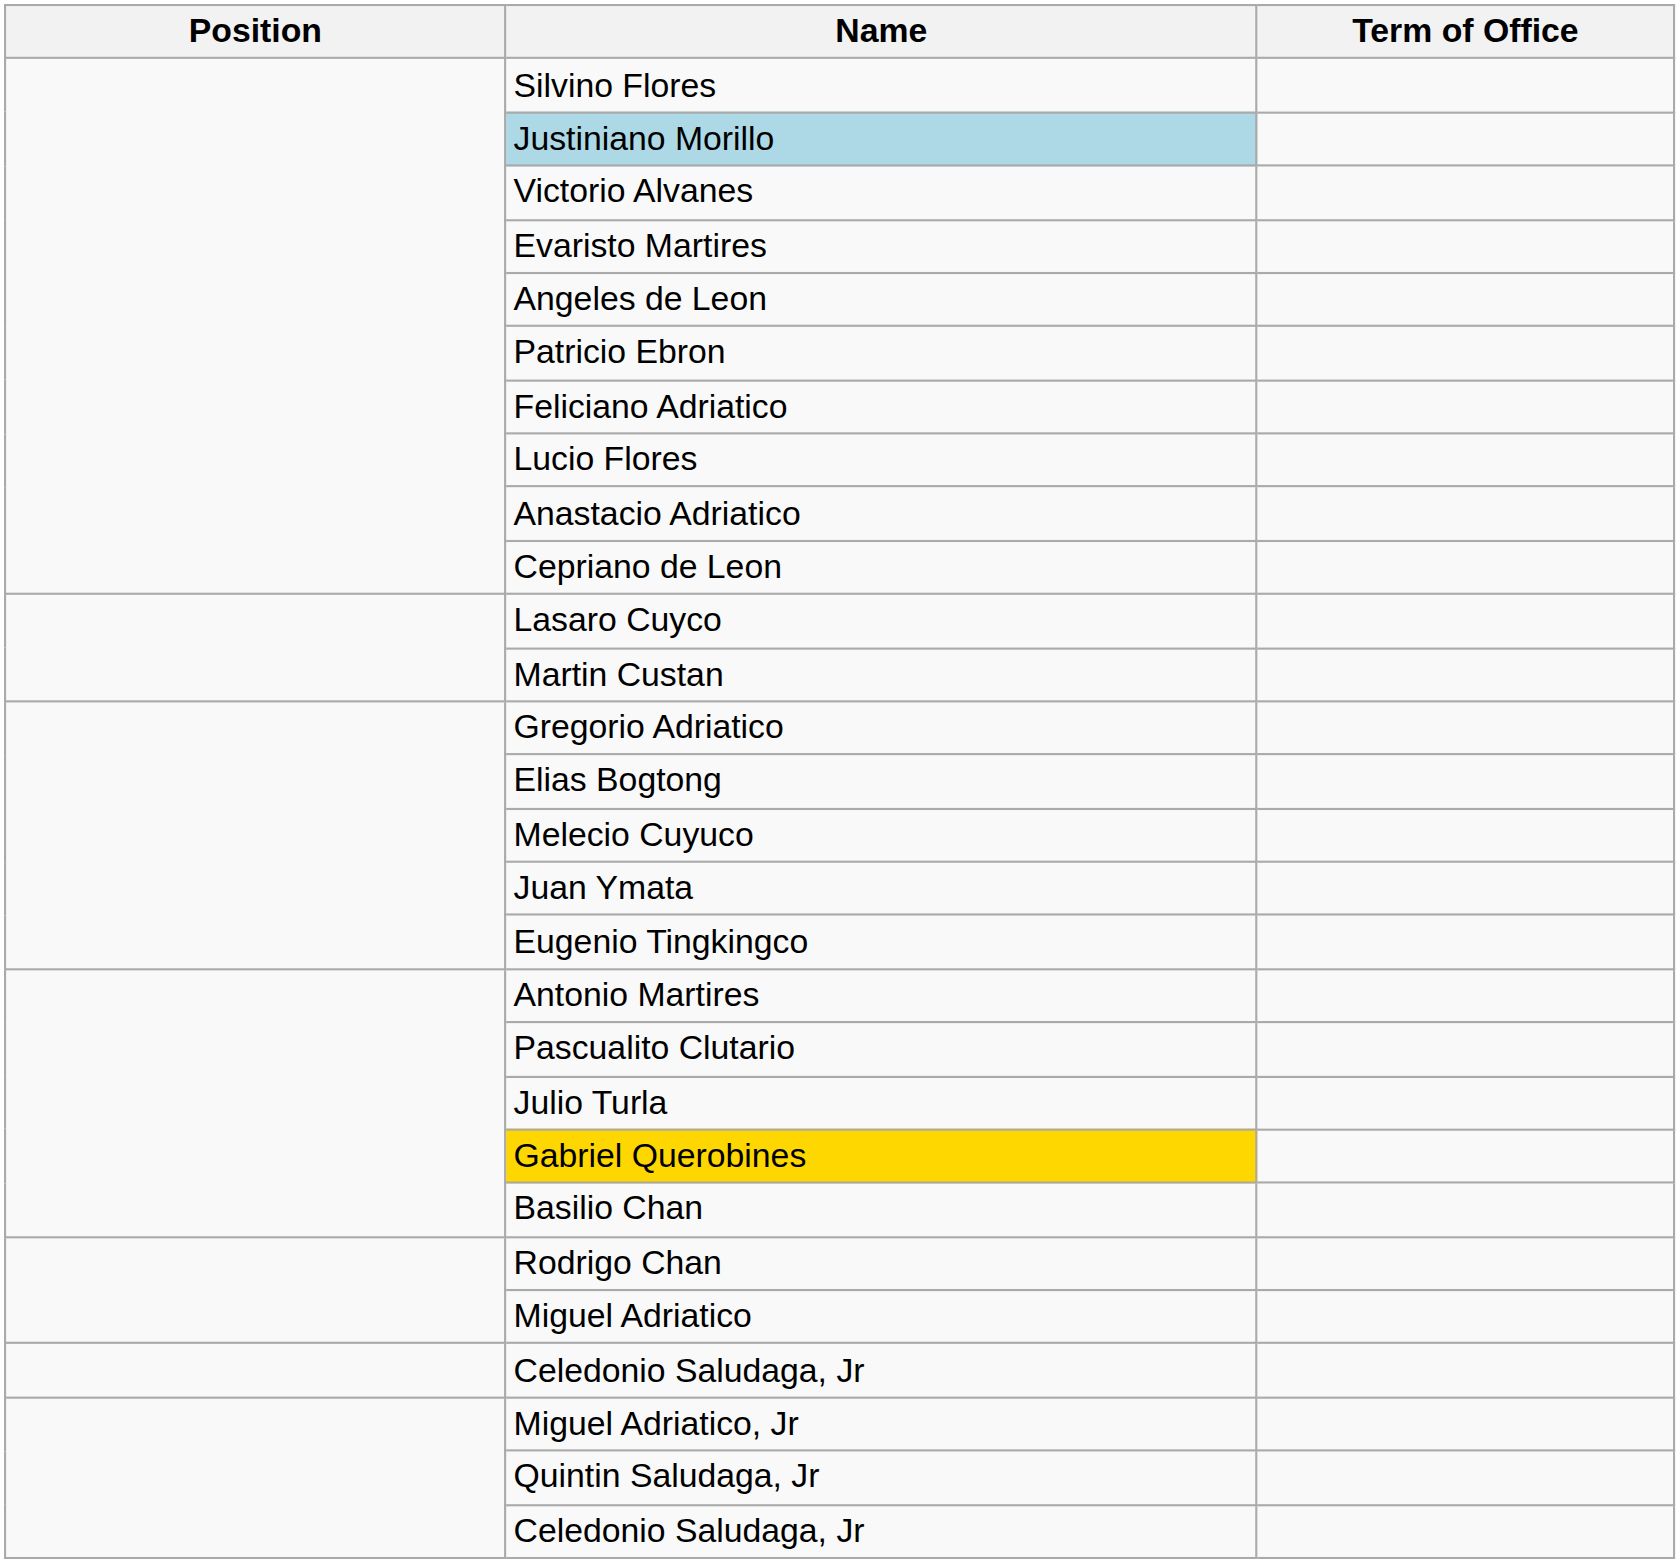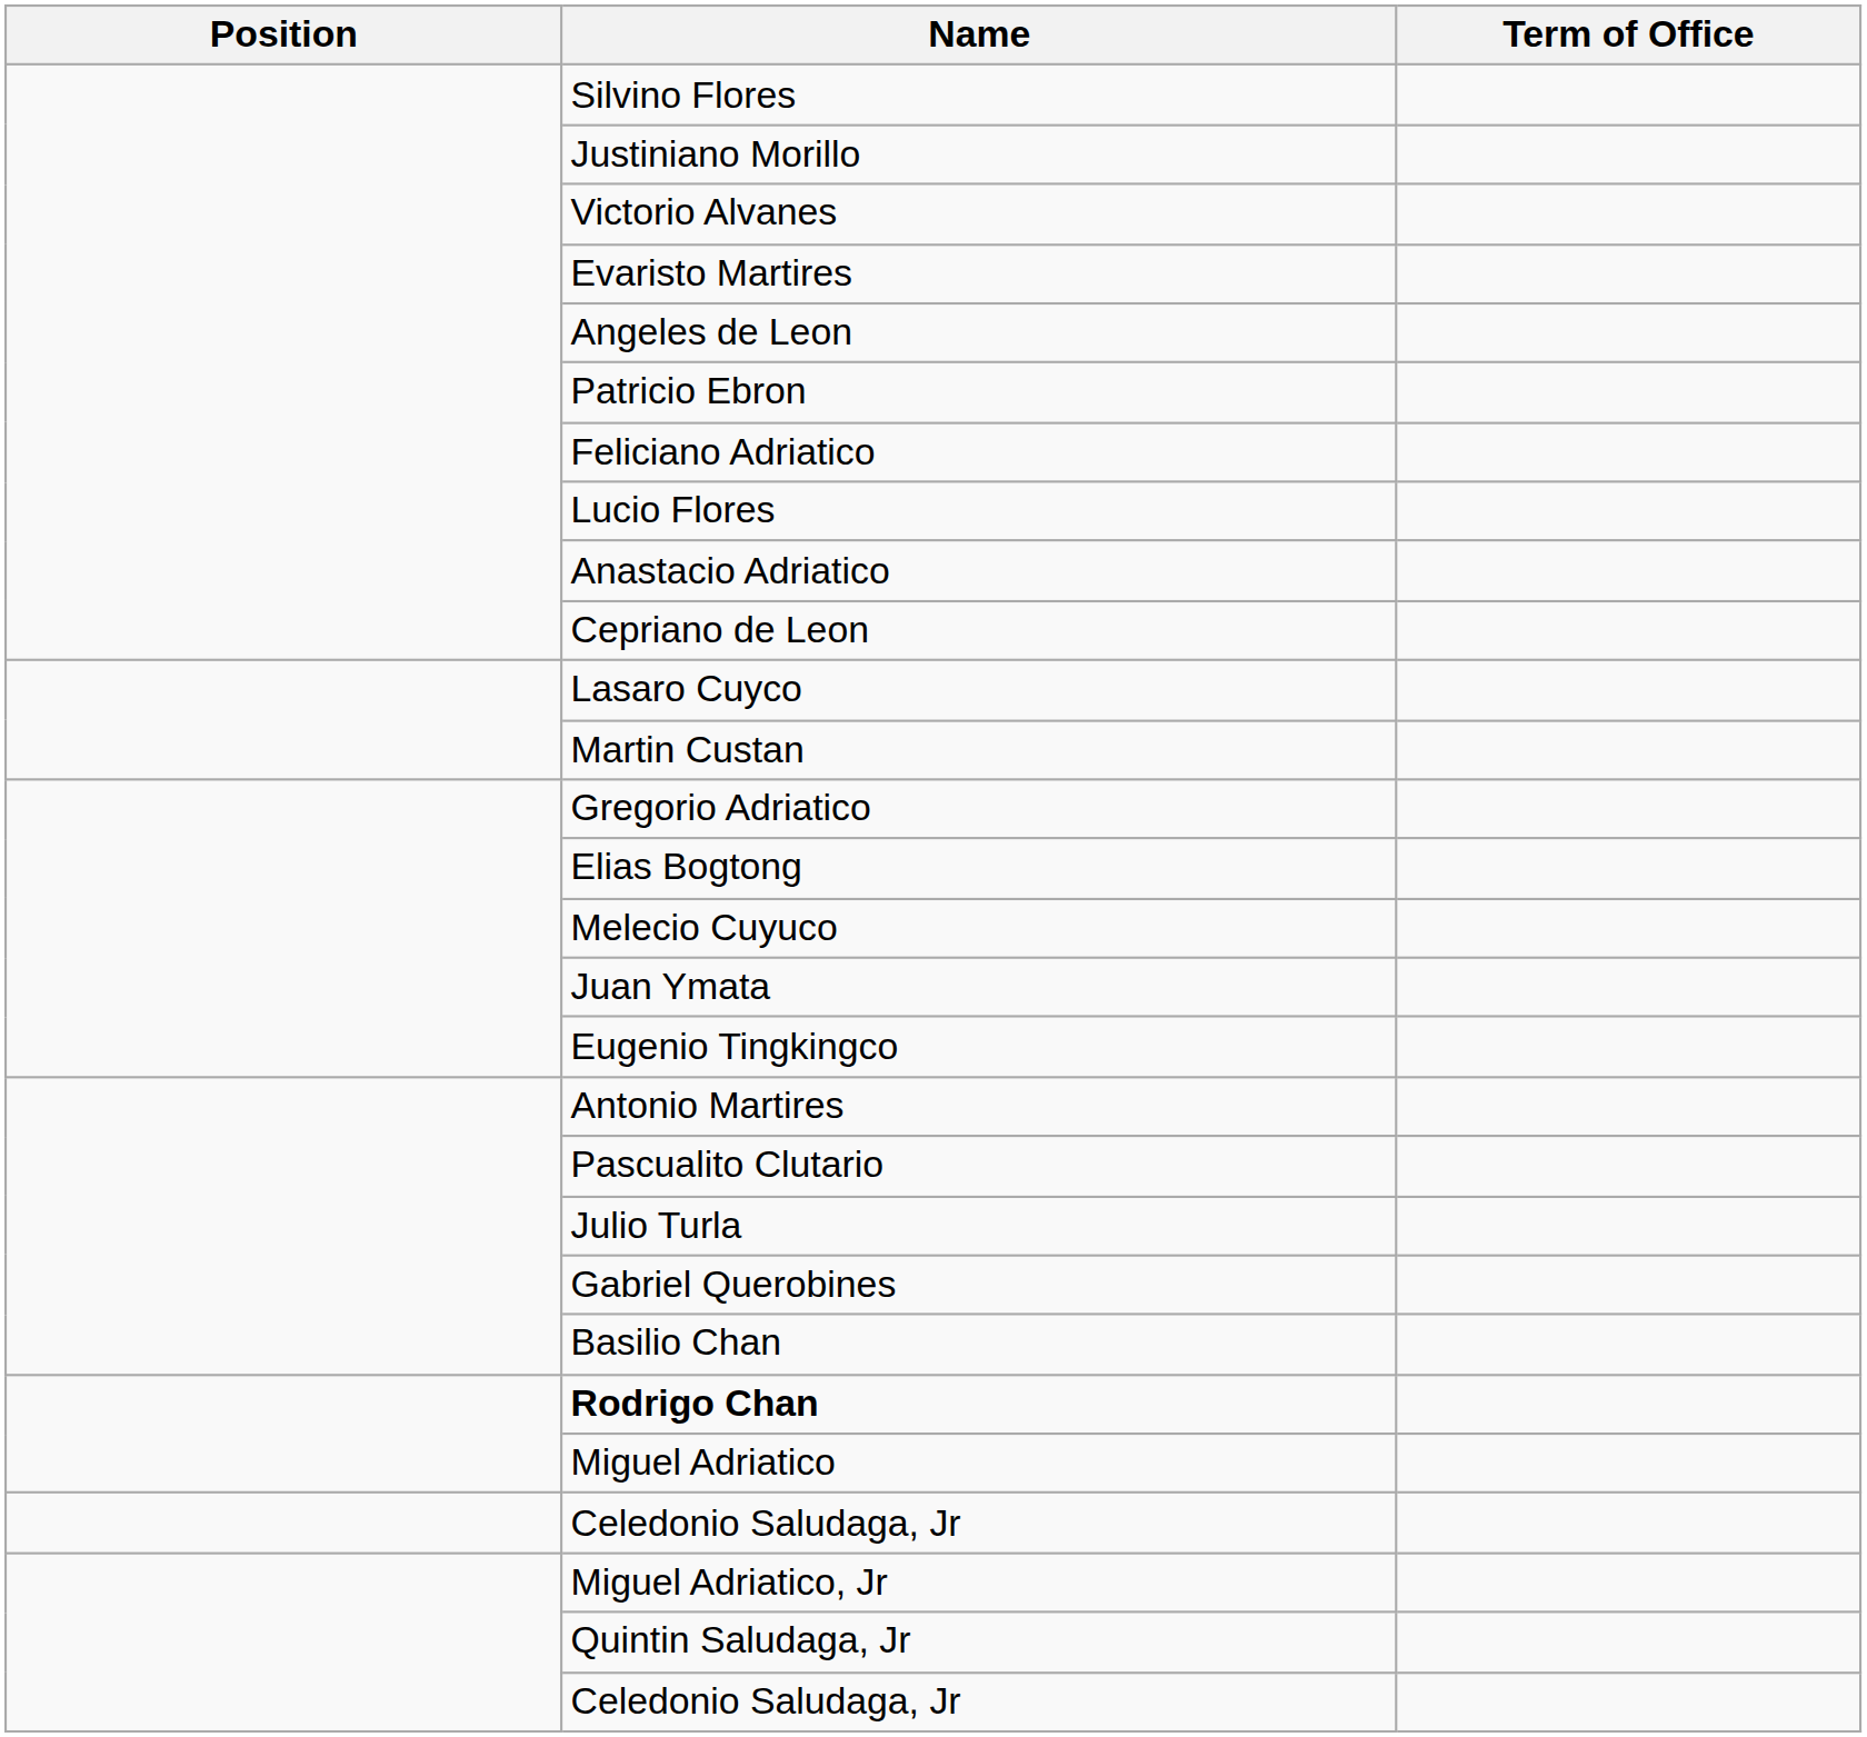 <table class="wikitable" width=50%;>
 <tr>
 <th width=30%>Position</th>
 <th width=45%>Name</th>
 <th>Term of Office</th>
 </tr>
 <tr>
 <td rowspan=10 valign="center"></td>
 <td>Silvino Flores</td>
 <td></td>
 </tr>
 <tr>
-<td style="background: lightblue;">Justiniano Morillo</td>
+<td>Justiniano Morillo</td>
 <td></td>
 </tr>
 <tr>
 <td>Victorio Alvanes</td>
 <td></td>
 </tr>
 <tr>
 <td>Evaristo Martires</td>
 <td></td>
 </tr>
 <tr>
 <td>Angeles de Leon</td>
 <td></td>
 </tr>
 <tr>
 <td>Patricio Ebron</td>
 <td></td>
 </tr>
 <tr>
 <td>Feliciano Adriatico</td>
 <td></td>
 </tr>
 <tr>
 <td>Lucio Flores</td>
 <td></td>
 </tr>
 <tr>
 <td>Anastacio Adriatico</td>
 <td></td>
 </tr>
 <tr>
 <td>Cepriano de Leon</td>
 <td></td>
 </tr>
 <tr>
 <td rowspan=2 valign="center"></td>
 <td>Lasaro Cuyco</td>
 <td></td>
 </tr>
 <tr>
 <td>Martin Custan</td>
 <td></td>
 </tr>
 <tr>
 <td rowspan=5 valign="center"></td>
 <td>Gregorio Adriatico</td>
 <td></td>
 </tr>
 <tr>
 <td>Elias Bogtong</td>
 <td></td>
 </tr>
 <tr>
 <td>Melecio Cuyuco</td>
 <td></td>
 </tr>
 <tr>
 <td>Juan Ymata</td>
 <td></td>
 </tr>
 <tr>
 <td>Eugenio Tingkingco</td>
 <td></td>
 </tr>
 <tr>
 <td rowspan=5 valign="center"></td>
 <td>Antonio Martires</td>
 <td></td>
 </tr>
 <tr>
 <td>Pascualito Clutario</td>
 <td></td>
 </tr>
 <tr>
 <td>Julio Turla</td>
 <td></td>
 </tr>
 <tr>
-<td style="background: gold;">Gabriel Querobines</td>
+<td>Gabriel Querobines</td>
 <td></td>
 </tr>
 <tr>
 <td>Basilio Chan</td>
 <td></td>
 </tr>
 <tr>
 <td rowspan=2 valign="center"></td>
-<td>Rodrigo Chan</td>
+<td><strong>Rodrigo Chan</strong></td>
 <td></td>
 </tr>
 <tr>
 <td>Miguel Adriatico</td>
 <td></td>
 </tr>
 <tr>
 <td></td>
 <td>Celedonio Saludaga, Jr</td>
 <td></td>
 </tr>
 <tr>
 <td rowspan=3 valign="center"></td>
 <td>Miguel Adriatico, Jr</td>
 <td></td>
 </tr>
 <tr>
 <td>Quintin Saludaga, Jr</td>
 <td></td>
 </tr>
 <tr>
 <td>Celedonio Saludaga, Jr</td>
 <td></td>
 </tr>
 </table>
